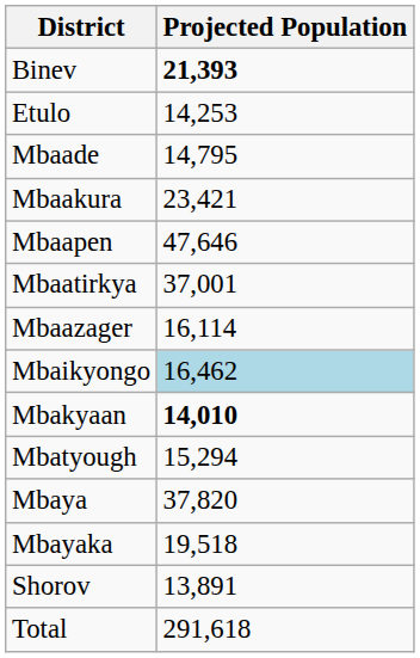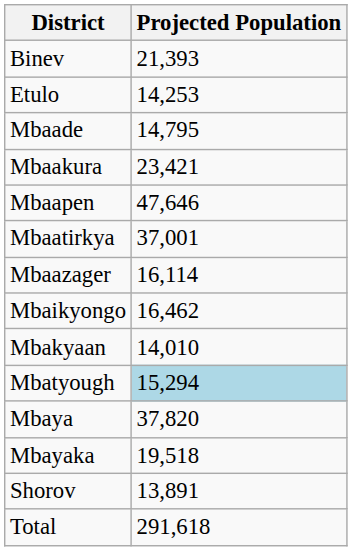 <table class="wikitable sortable">
 <tr>
 <th>District</th>
 <th>Projected Population</th>
 </tr>
 <tr>
 <td>Binev</td>
-<td><strong>21,393</strong></td>
+<td>21,393</td>
 </tr>
 <tr>
 <td>Etulo</td>
 <td>14,253</td>
 </tr>
 <tr>
 <td>Mbaade</td>
 <td>14,795</td>
 </tr>
 <tr>
 <td>Mbaakura</td>
 <td>23,421</td>
 </tr>
 <tr>
 <td>Mbaapen</td>
 <td>47,646</td>
 </tr>
 <tr>
 <td>Mbaatirkya</td>
 <td>37,001</td>
 </tr>
 <tr>
 <td>Mbaazager</td>
 <td>16,114</td>
 </tr>
 <tr>
 <td>Mbaikyongo</td>
-<td style="background: lightblue;">16,462</td>
+<td>16,462</td>
 </tr>
 <tr>
 <td>Mbakyaan</td>
-<td><strong>14,010</strong></td>
+<td>14,010</td>
 </tr>
 <tr>
 <td>Mbatyough</td>
-<td>15,294</td>
+<td style="background: lightblue;">15,294</td>
 </tr>
 <tr>
 <td>Mbaya</td>
 <td>37,820</td>
 </tr>
 <tr>
 <td>Mbayaka</td>
 <td>19,518</td>
 </tr>
 <tr>
 <td>Shorov</td>
 <td>13,891</td>
 </tr>
 <tr>
 <td>Total</td>
 <td>291,618</td>
 </tr>
 </table>
